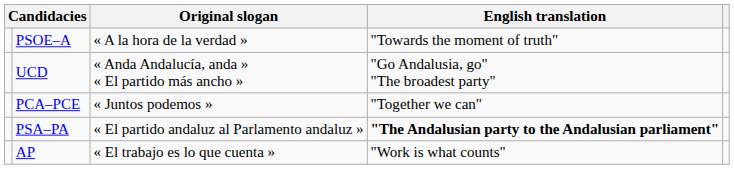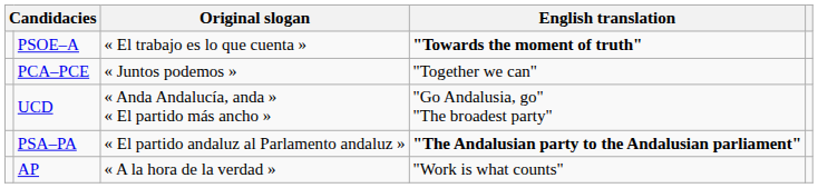 <table class="wikitable" style="text-align:left;">
 <tr>
 <th style="text-align:left;" colspan="2">Candidacies</th>
 <th>Original slogan</th>
 <th>English translation</th>
 <th></th>
 </tr>
 <tr>
 <td width="1" style="color:inherit;background:"></td>
 <td><a href='#'>PSOE–A</a></td>
-<td>« A la hora de la verdad »</td>
-<td>"Towards the moment of truth"</td>
+<td>« El trabajo es lo que cuenta »</td>
+<td><strong>"Towards the moment of truth"</strong></td>
+<td></td>
+</tr>
+<tr>
+<td style="color:inherit;background:"></td>
+<td><a href='#'>PCA–PCE</a></td>
+<td>« Juntos podemos »</td>
+<td>"Together we can"</td>
 <td></td>
 </tr>
 <tr>
 <td style="color:inherit;background:"></td>
 <td><a href='#'>UCD</a></td>
 <td>« Anda Andalucía, anda »<br>« El partido más ancho »</td>
 <td>"Go Andalusia, go"<br>"The broadest party"</td>
-<td></td>
-</tr>
-<tr>
-<td style="color:inherit;background:"></td>
-<td><a href='#'>PCA–PCE</a></td>
-<td>« Juntos podemos »</td>
-<td>"Together we can"</td>
 <td></td>
 </tr>
 <tr>
 <td style="color:inherit;background:"></td>
 <td><a href='#'>PSA–PA</a></td>
 <td>« El partido andaluz al Parlamento andaluz »</td>
 <td><strong>"The Andalusian party to the Andalusian parliament"</strong></td>
 <td></td>
 </tr>
 <tr>
 <td style="color:inherit;background:"></td>
 <td><a href='#'>AP</a></td>
-<td>« El trabajo es lo que cuenta »</td>
+<td>« A la hora de la verdad »</td>
 <td>"Work is what counts"</td>
 <td></td>
 </tr>
 </table>
